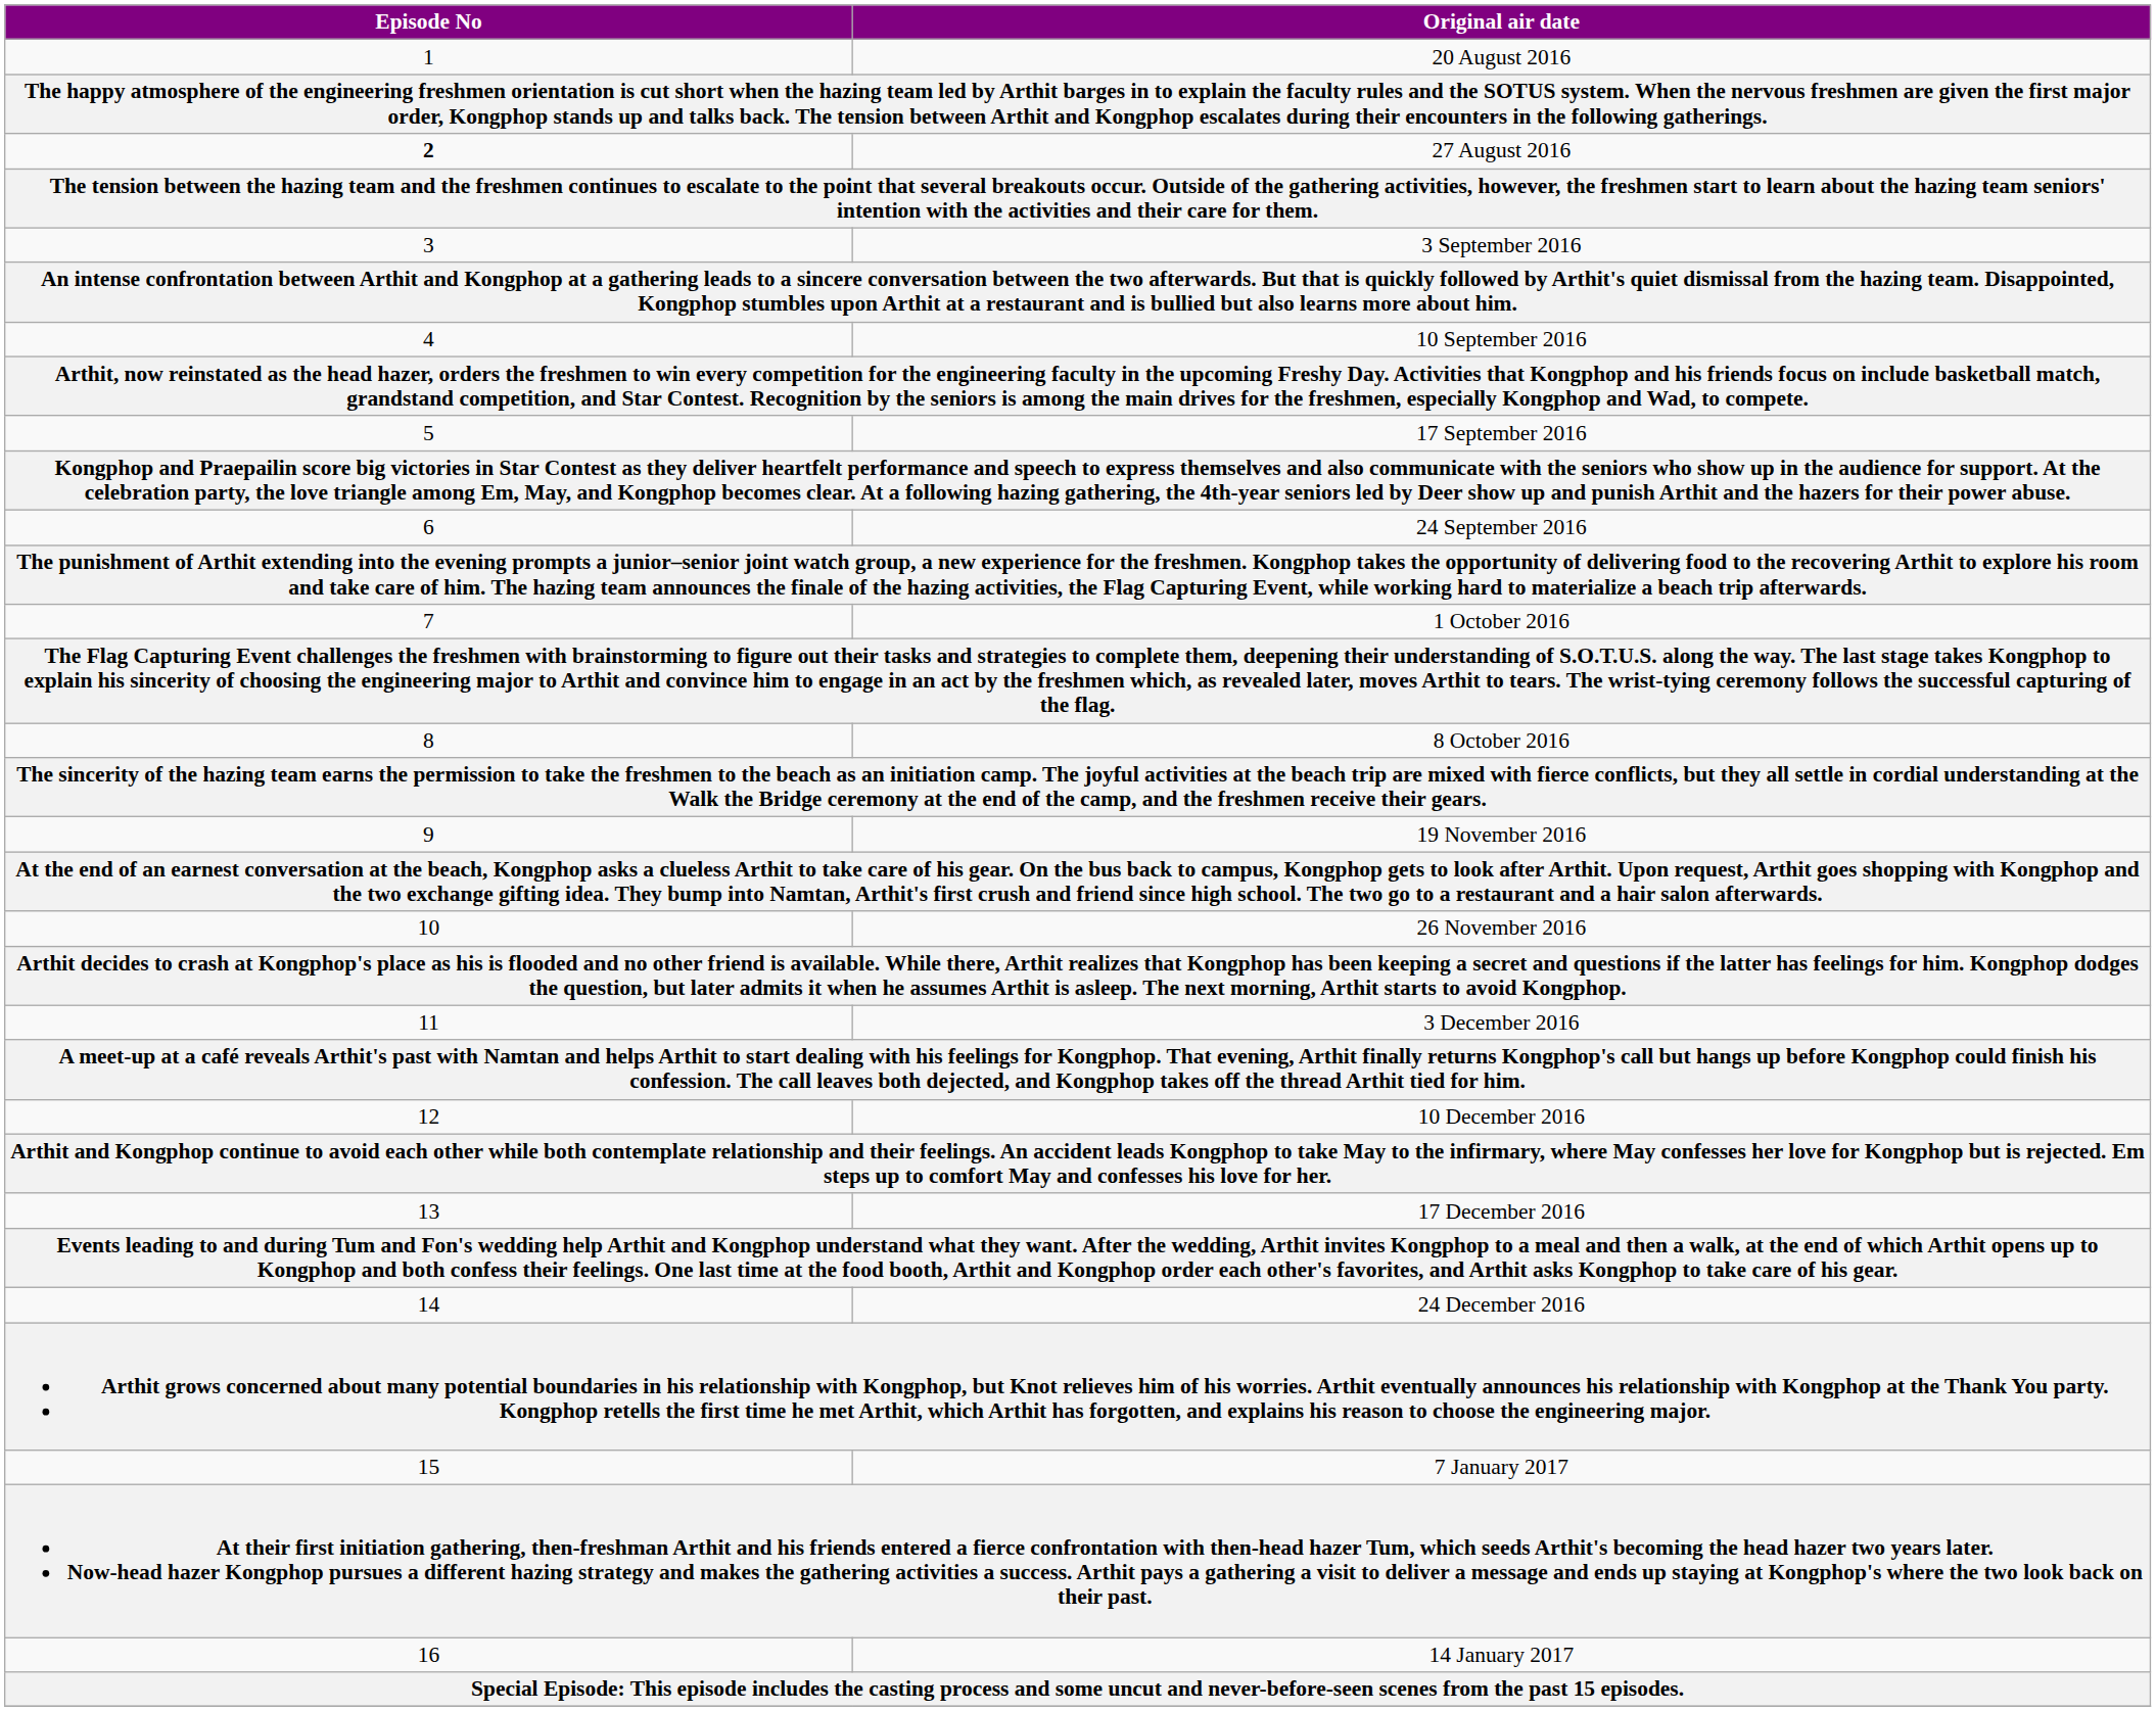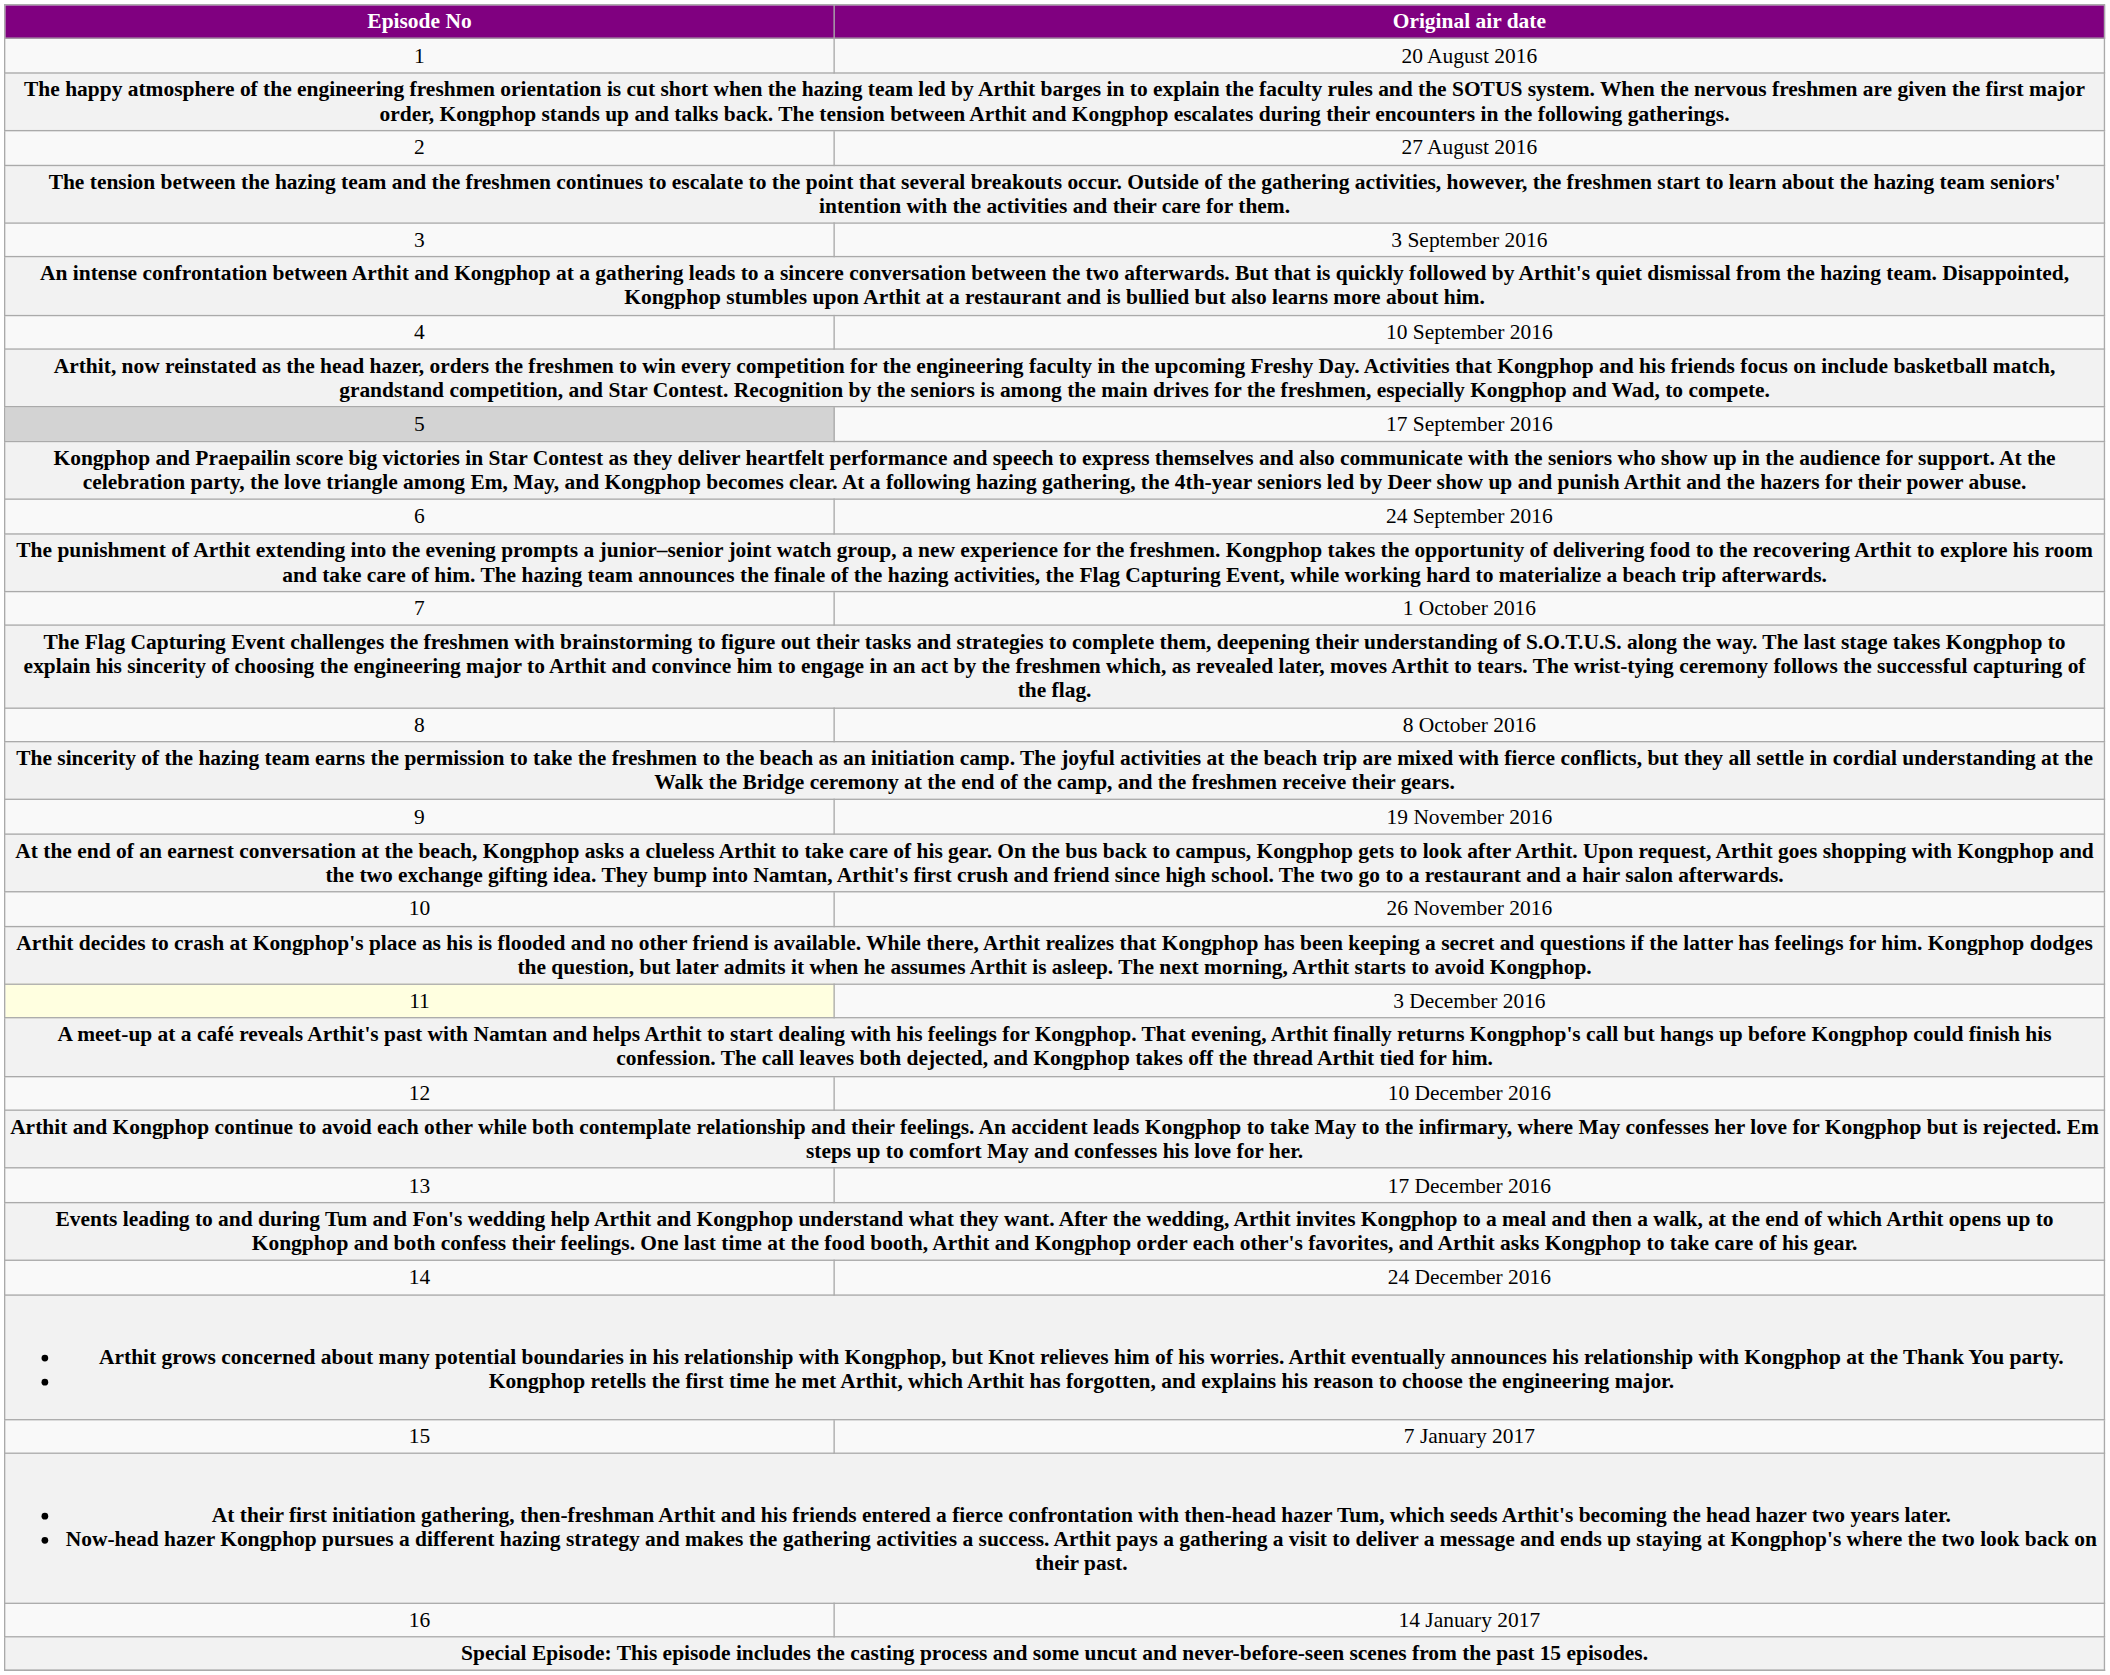 <table class="wikitable mw-collapsible plainrowheaders" style="text-align:center">
 <tr>
 <th scope="col" style="background:#800080; color:white">Episode No</th>
 <th scope="col" style="background:#800080; color:white">Original air date</th>
 </tr>
 <tr>
 <td>1</td>
 <td scope="row">20 August 2016</td>
 </tr>
 <tr>
 <th scope="row" colspan="2">The happy atmosphere of the engineering freshmen orientation is cut short when the hazing team led by Arthit barges in to explain the faculty rules and the SOTUS system. When the nervous freshmen are given the first major order, Kongphop stands up and talks back. The tension between Arthit and Kongphop escalates during their encounters in the following gatherings.</th>
 </tr>
 <tr>
-<td><strong>2</strong></td>
+<td>2</td>
 <td scope="row">27 August 2016</td>
 </tr>
 <tr>
 <th scope="row" colspan="2">The tension between the hazing team and the freshmen continues to escalate to the point that several breakouts occur. Outside of the gathering activities, however, the freshmen start to learn about the hazing team seniors' intention with the activities and their care for them.</th>
 </tr>
 <tr>
 <td>3</td>
 <td scope="row">3 September 2016</td>
 </tr>
 <tr>
 <th scope="row" colspan="2">An intense confrontation between Arthit and Kongphop at a gathering leads to a sincere conversation between the two afterwards. But that is quickly followed by Arthit's quiet dismissal from the hazing team. Disappointed, Kongphop stumbles upon Arthit at a restaurant and is bullied but also learns more about him.</th>
 </tr>
 <tr>
 <td>4</td>
 <td scope="row">10 September 2016</td>
 </tr>
 <tr>
 <th scope="row" colspan="2">Arthit, now reinstated as the head hazer, orders the freshmen to win every competition for the engineering faculty in the upcoming Freshy Day. Activities that Kongphop and his friends focus on include basketball match, grandstand competition, and Star Contest. Recognition by the seniors is among the main drives for the freshmen, especially Kongphop and Wad, to compete.</th>
 </tr>
 <tr>
-<td>5</td>
+<td style="background: lightgrey;">5</td>
 <td scope="row">17 September 2016</td>
 </tr>
 <tr>
 <th scope="row" colspan="2">Kongphop and Praepailin score big victories in Star Contest as they deliver heartfelt performance and speech to express themselves and also communicate with the seniors who show up in the audience for support. At the celebration party, the love triangle among Em, May, and Kongphop becomes clear. At a following hazing gathering, the 4th-year seniors led by Deer show up and punish Arthit and the hazers for their power abuse.</th>
 </tr>
 <tr>
 <td>6</td>
 <td scope="row">24 September 2016</td>
 </tr>
 <tr>
 <th scope="row" colspan="2">The punishment of Arthit extending into the evening prompts a junior–senior joint watch group, a new experience for the freshmen. Kongphop takes the opportunity of delivering food to the recovering Arthit to explore his room and take care of him. The hazing team announces the finale of the hazing activities, the Flag Capturing Event, while working hard to materialize a beach trip afterwards.</th>
 </tr>
 <tr>
 <td>7</td>
 <td scope="row">1 October 2016</td>
 </tr>
 <tr>
 <th scope="row" colspan="2">The Flag Capturing Event challenges the freshmen with brainstorming to figure out their tasks and strategies to complete them, deepening their understanding of S.O.T.U.S. along the way. The last stage takes Kongphop to explain his sincerity of choosing the engineering major to Arthit and convince him to engage in an act by the freshmen which, as revealed later, moves Arthit to tears. The wrist-tying ceremony follows the successful capturing of the flag.</th>
 </tr>
 <tr>
 <td>8</td>
 <td scope="row">8 October 2016</td>
 </tr>
 <tr>
 <th scope="row" colspan="2">The sincerity of the hazing team earns the permission to take the freshmen to the beach as an initiation camp. The joyful activities at the beach trip are mixed with fierce conflicts, but they all settle in cordial understanding at the Walk the Bridge ceremony at the end of the camp, and the freshmen receive their gears.</th>
 </tr>
 <tr>
 <td>9</td>
 <td scope="row">19 November 2016</td>
 </tr>
 <tr>
 <th scope="row" colspan="2">At the end of an earnest conversation at the beach, Kongphop asks a clueless Arthit to take care of his gear. On the bus back to campus, Kongphop gets to look after Arthit. Upon request, Arthit goes shopping with Kongphop and the two exchange gifting idea. They bump into Namtan, Arthit's first crush and friend since high school. The two go to a restaurant and a hair salon afterwards.</th>
 </tr>
 <tr>
 <td>10</td>
 <td scope="row">26 November 2016</td>
 </tr>
 <tr>
 <th scope="row" colspan="2">Arthit decides to crash at Kongphop's place as his is flooded and no other friend is available. While there, Arthit realizes that Kongphop has been keeping a secret and questions if the latter has feelings for him. Kongphop dodges the question, but later admits it when he assumes Arthit is asleep. The next morning, Arthit starts to avoid Kongphop.</th>
 </tr>
 <tr>
-<td>11</td>
+<td style="background: lightyellow;">11</td>
 <td scope="row">3 December 2016</td>
 </tr>
 <tr>
 <th scope="row" colspan="2">A meet-up at a café reveals Arthit's past with Namtan and helps Arthit to start dealing with his feelings for Kongphop. That evening, Arthit finally returns Kongphop's call but hangs up before Kongphop could finish his confession. The call leaves both dejected, and Kongphop takes off the thread Arthit tied for him.</th>
 </tr>
 <tr>
 <td>12</td>
 <td scope="row">10 December 2016</td>
 </tr>
 <tr>
 <th scope="row" colspan="2">Arthit and Kongphop continue to avoid each other while both contemplate relationship and their feelings. An accident leads Kongphop to take May to the infirmary, where May confesses her love for Kongphop but is rejected. Em steps up to comfort May and confesses his love for her.</th>
 </tr>
 <tr>
 <td>13</td>
 <td scope="row">17 December 2016</td>
 </tr>
 <tr>
 <th scope="row" colspan="2">Events leading to and during Tum and Fon's wedding help Arthit and Kongphop understand what they want. After the wedding, Arthit invites Kongphop to a meal and then a walk, at the end of which Arthit opens up to Kongphop and both confess their feelings. One last time at the food booth, Arthit and Kongphop order each other's favorites, and Arthit asks Kongphop to take care of his gear.</th>
 </tr>
 <tr>
 <td>14</td>
 <td scope="row">24 December 2016</td>
 </tr>
 <tr>
 <th scope="row" colspan="2"><br><ul><li>Arthit grows concerned about many potential boundaries in his relationship with Kongphop, but Knot relieves him of his worries. Arthit eventually announces his relationship with Kongphop at the Thank You party.</li><li>Kongphop retells the first time he met Arthit, which Arthit has forgotten, and explains his reason to choose the engineering major.</li></ul></th>
 </tr>
 <tr>
 <td>15</td>
 <td scope="row">7 January 2017</td>
 </tr>
 <tr>
 <th scope="row" colspan="2"><br><ul><li>At their first initiation gathering, then-freshman Arthit and his friends entered a fierce confrontation with then-head hazer Tum, which seeds Arthit's becoming the head hazer two years later.</li><li>Now-head hazer Kongphop pursues a different hazing strategy and makes the gathering activities a success. Arthit pays a gathering a visit to deliver a message and ends up staying at Kongphop's where the two look back on their past.</li></ul></th>
 </tr>
 <tr>
 <td>16</td>
 <td scope="row">14 January 2017</td>
 </tr>
 <tr>
 <th scope="row" colspan="2">Special Episode: This episode includes the casting process and some uncut and never-before-seen scenes from the past 15 episodes.</th>
 </tr>
 <tr>
 </tr>
 </table>
